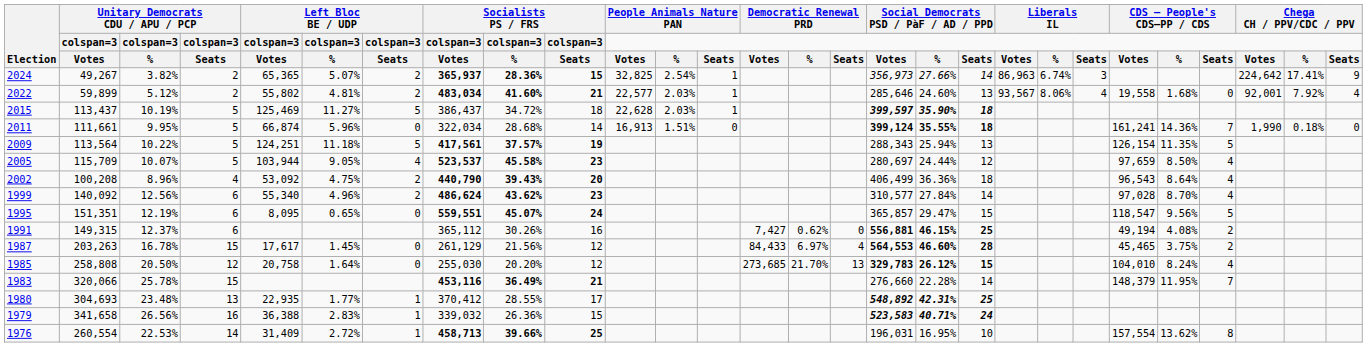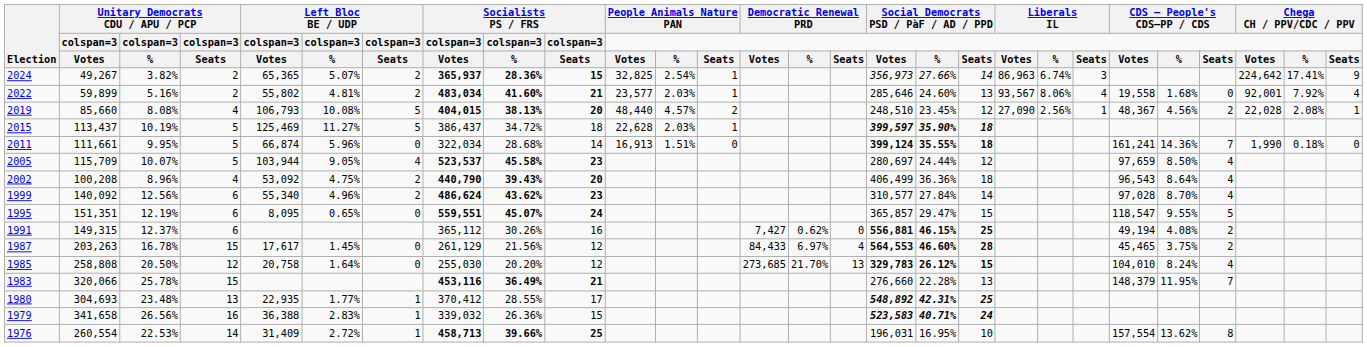 <table class="wikitable" border="1" style="font-size:85%; text-align:right;">
 <tr>
 <th style="text-align:left;" valign=bottom rowspan=3>Election</th>
 <th valign=bottom colspan=3><a href='#'>Unitary Democrats</a><br>CDU / APU / PCP</th>
 <th valign=bottom colspan=3><a href='#'>Left Bloc</a><br>BE / UDP</th>
 <th valign=bottom colspan=3><a href='#'>Socialists</a><br>PS / FRS</th>
 <th valign=bottom colspan=3><a href='#'>People Animals Nature</a><br>PAN</th>
 <th valign=bottom colspan=3><a href='#'>Democratic Renewal</a><br>PRD</th>
 <th valign=bottom colspan=3><a href='#'>Social Democrats</a><br>PSD / PàF / AD / PPD</th>
 <th valign=bottom colspan=3><a href='#'>Liberals</a><br>IL</th>
 <th valign=bottom colspan=3><a href='#'>CDS – People's</a><br>CDS–PP / CDS</th>
 <th valign=bottom colspan=3><a href='#'>Chega</a><br>CH / PPV/CDC / PPV</th>
 </tr>
 <tr>
 <th>colspan=3 </th>
 <th>colspan=3 </th>
 <th>colspan=3 </th>
 <th>colspan=3 </th>
 <th>colspan=3 </th>
 <th>colspan=3 </th>
 <th>colspan=3 </th>
 <th>colspan=3 </th>
 <th>colspan=3 </th>
 </tr>
 <tr>
 <th>Votes</th>
 <th>%</th>
 <th>Seats</th>
 <th>Votes</th>
 <th>%</th>
 <th>Seats</th>
 <th>Votes</th>
 <th>%</th>
 <th>Seats</th>
 <th>Votes</th>
 <th>%</th>
 <th>Seats</th>
 <th>Votes</th>
 <th>%</th>
 <th>Seats</th>
 <th>Votes</th>
 <th>%</th>
 <th>Seats</th>
 <th>Votes</th>
 <th>%</th>
 <th>Seats</th>
 <th>Votes</th>
 <th>%</th>
 <th>Seats</th>
 <th>Votes</th>
 <th>%</th>
 <th>Seats</th>
 </tr>
 <tr>
 <td align=left><a href='#'>2024</a></td>
 <td>49,267</td>
 <td>3.82%</td>
 <td>2</td>
 <td>65,365</td>
 <td>5.07%</td>
 <td>2</td>
 <td><strong>365,937</strong></td>
 <td><strong>28.36%</strong></td>
 <td><strong>15</strong></td>
 <td>32,825</td>
 <td>2.54%</td>
 <td>1</td>
 <td></td>
 <td></td>
 <td></td>
 <td><em>356,973</em></td>
 <td><em>27.66%</em></td>
 <td><em>14</em></td>
 <td>86,963</td>
 <td>6.74%</td>
 <td>3</td>
 <td></td>
 <td></td>
 <td></td>
 <td>224,642</td>
 <td>17.41%</td>
 <td>9</td>
 </tr>
 <tr>
 <td align=left><a href='#'>2022</a></td>
 <td>59,899</td>
-<td>5.12%</td>
+<td>5.16%</td>
 <td>2</td>
 <td>55,802</td>
 <td>4.81%</td>
 <td>2</td>
 <td><strong>483,034</strong></td>
 <td><strong>41.60%</strong></td>
 <td><strong>21</strong></td>
-<td>22,577</td>
+<td>23,577</td>
 <td>2.03%</td>
 <td>1</td>
 <td></td>
 <td></td>
 <td></td>
 <td>285,646</td>
 <td>24.60%</td>
 <td>13</td>
 <td>93,567</td>
 <td>8.06%</td>
 <td>4</td>
 <td>19,558</td>
 <td>1.68%</td>
 <td>0</td>
 <td>92,001</td>
 <td>7.92%</td>
 <td>4</td>
+</tr>
+<tr>
+<td align=left><a href='#'>2019</a></td>
+<td>85,660</td>
+<td>8.08%</td>
+<td>4</td>
+<td>106,793</td>
+<td>10.08%</td>
+<td>5</td>
+<td><strong>404,015</strong></td>
+<td><strong>38.13%</strong></td>
+<td><strong>20</strong></td>
+<td>48,440</td>
+<td>4.57%</td>
+<td>2</td>
+<td></td>
+<td></td>
+<td></td>
+<td>248,510</td>
+<td>23.45%</td>
+<td>12</td>
+<td>27,090</td>
+<td>2.56%</td>
+<td>1</td>
+<td>48,367</td>
+<td>4.56%</td>
+<td>2</td>
+<td>22,028</td>
+<td>2.08%</td>
+<td>1</td>
 </tr>
 <tr>
 <td align=left><a href='#'>2015</a></td>
 <td>113,437</td>
 <td>10.19%</td>
 <td>5</td>
 <td>125,469</td>
 <td>11.27%</td>
 <td>5</td>
 <td>386,437</td>
 <td>34.72%</td>
 <td>18</td>
 <td>22,628</td>
 <td>2.03%</td>
 <td>1</td>
 <td></td>
 <td></td>
 <td></td>
 <td><strong><em>399,597</em></strong></td>
 <td><strong><em>35.90%</em></strong></td>
 <td><strong><em>18</em></strong></td>
 <td></td>
 <td></td>
 <td></td>
 <td></td>
 <td></td>
 <td></td>
 <td></td>
 <td></td>
 <td></td>
 </tr>
 <tr>
 <td align=left><a href='#'>2011</a></td>
 <td>111,661</td>
 <td>9.95%</td>
 <td>5</td>
 <td>66,874</td>
 <td>5.96%</td>
 <td>0</td>
 <td>322,034</td>
 <td>28.68%</td>
 <td>14</td>
 <td>16,913</td>
 <td>1.51%</td>
 <td>0</td>
 <td></td>
 <td></td>
 <td></td>
 <td><strong>399,124</strong></td>
 <td><strong>35.55%</strong></td>
 <td><strong>18</strong></td>
 <td></td>
 <td></td>
 <td></td>
 <td>161,241</td>
 <td>14.36%</td>
 <td>7</td>
 <td>1,990</td>
 <td>0.18%</td>
 <td>0</td>
-</tr>
-<tr>
-<td align=left><a href='#'>2009</a></td>
-<td>113,564</td>
-<td>10.22%</td>
-<td>5</td>
-<td>124,251</td>
-<td>11.18%</td>
-<td>5</td>
-<td><strong>417,561</strong></td>
-<td><strong>37.57%</strong></td>
-<td><strong>19</strong></td>
-<td></td>
-<td></td>
-<td></td>
-<td></td>
-<td></td>
-<td></td>
-<td>288,343</td>
-<td>25.94%</td>
-<td>13</td>
-<td></td>
-<td></td>
-<td></td>
-<td>126,154</td>
-<td>11.35%</td>
-<td>5</td>
-<td></td>
-<td></td>
-<td></td>
 </tr>
 <tr>
 <td align=left><a href='#'>2005</a></td>
 <td>115,709</td>
 <td>10.07%</td>
 <td>5</td>
 <td>103,944</td>
 <td>9.05%</td>
 <td>4</td>
 <td><strong>523,537</strong></td>
 <td><strong>45.58%</strong></td>
 <td><strong>23</strong></td>
 <td></td>
 <td></td>
 <td></td>
 <td></td>
 <td></td>
 <td></td>
 <td>280,697</td>
 <td>24.44%</td>
 <td>12</td>
 <td></td>
 <td></td>
 <td></td>
 <td>97,659</td>
 <td>8.50%</td>
 <td>4</td>
 <td></td>
 <td></td>
 <td></td>
 </tr>
 <tr>
 <td align=left><a href='#'>2002</a></td>
 <td>100,208</td>
 <td>8.96%</td>
 <td>4</td>
 <td>53,092</td>
 <td>4.75%</td>
 <td>2</td>
 <td><strong>440,790</strong></td>
 <td><strong>39.43%</strong></td>
 <td><strong>20</strong></td>
 <td></td>
 <td></td>
 <td></td>
 <td></td>
 <td></td>
 <td></td>
 <td>406,499</td>
 <td>36.36%</td>
 <td>18</td>
 <td></td>
 <td></td>
 <td></td>
 <td>96,543</td>
 <td>8.64%</td>
 <td>4</td>
 <td></td>
 <td></td>
 <td></td>
 </tr>
 <tr>
 <td align=left><a href='#'>1999</a></td>
 <td>140,092</td>
 <td>12.56%</td>
 <td>6</td>
 <td>55,340</td>
 <td>4.96%</td>
 <td>2</td>
 <td><strong>486,624</strong></td>
 <td><strong>43.62%</strong></td>
 <td><strong>23</strong></td>
 <td></td>
 <td></td>
 <td></td>
 <td></td>
 <td></td>
 <td></td>
 <td>310,577</td>
 <td>27.84%</td>
 <td>14</td>
 <td></td>
 <td></td>
 <td></td>
 <td>97,028</td>
 <td>8.70%</td>
 <td>4</td>
 <td></td>
 <td></td>
 <td></td>
 </tr>
 <tr>
 <td align=left><a href='#'>1995</a></td>
 <td>151,351</td>
 <td>12.19%</td>
 <td>6</td>
 <td>8,095</td>
 <td>0.65%</td>
 <td>0</td>
 <td><strong>559,551</strong></td>
 <td><strong>45.07%</strong></td>
 <td><strong>24</strong></td>
 <td></td>
 <td></td>
 <td></td>
 <td></td>
 <td></td>
 <td></td>
 <td>365,857</td>
 <td>29.47%</td>
 <td>15</td>
 <td></td>
 <td></td>
 <td></td>
 <td>118,547</td>
-<td>9.56%</td>
+<td>9.55%</td>
 <td>5</td>
 <td></td>
 <td></td>
 <td></td>
 </tr>
 <tr>
 <td align=left><a href='#'>1991</a></td>
 <td>149,315</td>
 <td>12.37%</td>
 <td>6</td>
 <td></td>
 <td></td>
 <td></td>
 <td>365,112</td>
 <td>30.26%</td>
 <td>16</td>
 <td></td>
 <td></td>
 <td></td>
 <td>7,427</td>
 <td>0.62%</td>
 <td>0</td>
 <td><strong>556,881</strong></td>
 <td><strong>46.15%</strong></td>
 <td><strong>25</strong></td>
 <td></td>
 <td></td>
 <td></td>
 <td>49,194</td>
 <td>4.08%</td>
 <td>2</td>
 <td></td>
 <td></td>
 <td></td>
 </tr>
 <tr>
 <td align=left><a href='#'>1987</a></td>
 <td>203,263</td>
 <td>16.78%</td>
 <td>15</td>
 <td>17,617</td>
 <td>1.45%</td>
 <td>0</td>
 <td>261,129</td>
 <td>21.56%</td>
 <td>12</td>
 <td></td>
 <td></td>
 <td></td>
 <td>84,433</td>
 <td>6.97%</td>
 <td>4</td>
 <td><strong>564,553</strong></td>
 <td><strong>46.60%</strong></td>
 <td><strong>28</strong></td>
 <td></td>
 <td></td>
 <td></td>
 <td>45,465</td>
 <td>3.75%</td>
 <td>2</td>
 <td></td>
 <td></td>
 <td></td>
 </tr>
 <tr>
 <td align=left><a href='#'>1985</a></td>
 <td>258,808</td>
 <td>20.50%</td>
 <td>12</td>
 <td>20,758</td>
 <td>1.64%</td>
 <td>0</td>
 <td>255,030</td>
 <td>20.20%</td>
 <td>12</td>
 <td></td>
 <td></td>
 <td></td>
 <td>273,685</td>
 <td>21.70%</td>
 <td>13</td>
 <td><strong>329,783</strong></td>
 <td><strong>26.12%</strong></td>
 <td><strong>15</strong></td>
 <td></td>
 <td></td>
 <td></td>
 <td>104,010</td>
 <td>8.24%</td>
 <td>4</td>
 <td></td>
 <td></td>
 <td></td>
 </tr>
 <tr>
 <td align=left><a href='#'>1983</a></td>
 <td>320,066</td>
 <td>25.78%</td>
 <td>15</td>
 <td></td>
 <td></td>
 <td></td>
 <td><strong>453,116</strong></td>
 <td><strong>36.49%</strong></td>
 <td><strong>21</strong></td>
 <td></td>
 <td></td>
 <td></td>
 <td></td>
 <td></td>
 <td></td>
 <td>276,660</td>
 <td>22.28%</td>
-<td>14</td>
+<td>13</td>
 <td></td>
 <td></td>
 <td></td>
 <td>148,379</td>
 <td>11.95%</td>
 <td>7</td>
 <td></td>
 <td></td>
 <td></td>
 </tr>
 <tr>
 <td align=left><a href='#'>1980</a></td>
 <td>304,693</td>
 <td>23.48%</td>
 <td>13</td>
 <td>22,935</td>
 <td>1.77%</td>
 <td>1</td>
 <td>370,412</td>
 <td>28.55%</td>
 <td>17</td>
 <td></td>
 <td></td>
 <td></td>
 <td></td>
 <td></td>
 <td></td>
 <td><strong><em>548,892</em></strong></td>
 <td><strong><em>42.31%</em></strong></td>
 <td><strong><em>25</em></strong></td>
 <td></td>
 <td></td>
 <td></td>
 <td></td>
 <td></td>
 <td></td>
 <td></td>
 <td></td>
 <td></td>
 </tr>
 <tr>
 <td align=left><a href='#'>1979</a></td>
 <td>341,658</td>
 <td>26.56%</td>
 <td>16</td>
 <td>36,388</td>
 <td>2.83%</td>
 <td>1</td>
 <td>339,032</td>
 <td>26.36%</td>
 <td>15</td>
 <td></td>
 <td></td>
 <td></td>
 <td></td>
 <td></td>
 <td></td>
 <td><strong><em>523,583</em></strong></td>
 <td><strong><em>40.71%</em></strong></td>
 <td><strong><em>24</em></strong></td>
 <td></td>
 <td></td>
 <td></td>
 <td></td>
 <td></td>
 <td></td>
 <td></td>
 <td></td>
 <td></td>
 </tr>
 <tr>
 <td align=left><a href='#'>1976</a></td>
 <td>260,554</td>
 <td>22.53%</td>
 <td>14</td>
 <td>31,409</td>
 <td>2.72%</td>
 <td>1</td>
 <td><strong>458,713</strong></td>
 <td><strong>39.66%</strong></td>
 <td><strong>25</strong></td>
 <td></td>
 <td></td>
 <td></td>
 <td></td>
 <td></td>
 <td></td>
 <td>196,031</td>
 <td>16.95%</td>
 <td>10</td>
 <td></td>
 <td></td>
 <td></td>
 <td>157,554</td>
 <td>13.62%</td>
 <td>8</td>
 <td></td>
 <td></td>
 <td></td>
 </tr>
 </table>
